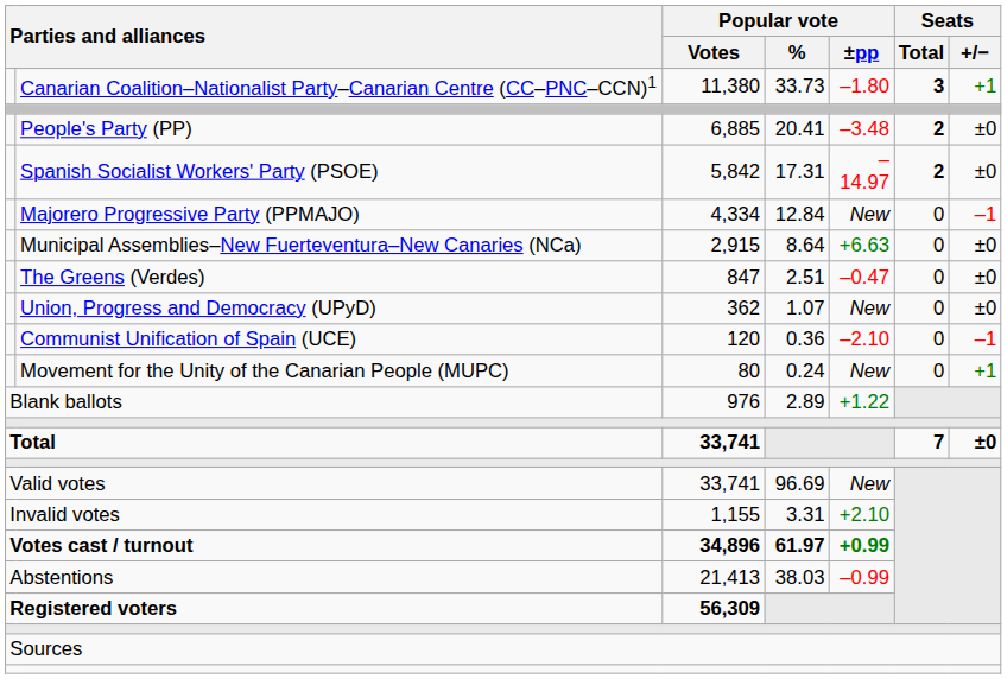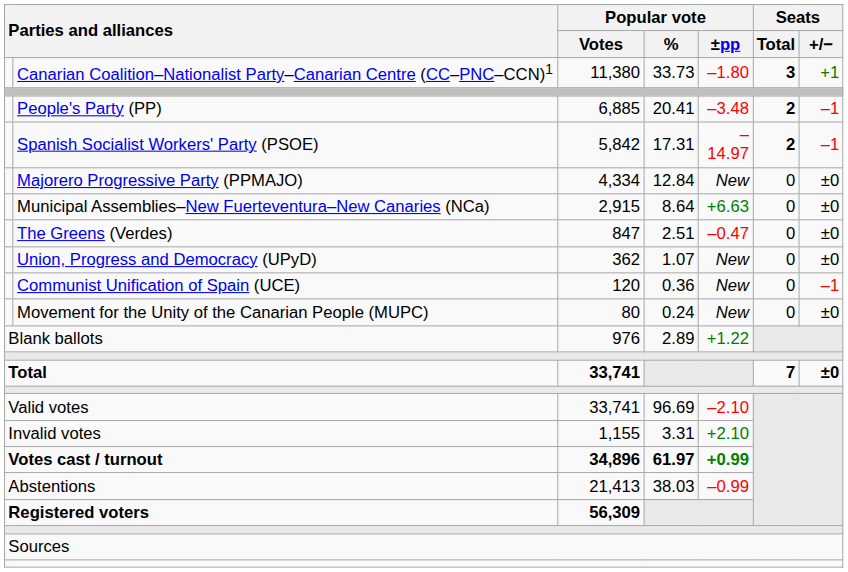 <table class="wikitable" style="text-align:right;">
 <tr>
 <th style="text-align:left;" rowspan="2" colspan="2" width="525">Parties and alliances</th>
 <th colspan="3">Popular vote</th>
 <th colspan="2">Seats</th>
 </tr>
 <tr>
 <th width="75">Votes</th>
 <th width="45">%</th>
 <th width="45">±<a href='#'>pp</a></th>
 <th width="35">Total</th>
 <th width="35">+/−</th>
 </tr>
 <tr>
 <td width="1" style="color:inherit;background:"></td>
 <td align="left"><a href='#'>Canarian Coalition–Nationalist Party</a>–<a href='#'>Canarian Centre</a> (<a href='#'>CC</a>–<a href='#'>PNC</a>–CCN)<sup>1</sup></td>
 <td>11,380</td>
 <td>33.73</td>
 <td style="color:red;">–1.80</td>
 <td><strong>3</strong></td>
 <td style="color:green;">+1</td>
 </tr>
 <tr>
 <td colspan="7" bgcolor="#C0C0C0"></td>
 </tr>
 <tr>
 <td style="color:inherit;background:"></td>
 <td align="left"><a href='#'>People's Party</a> (PP)</td>
 <td>6,885</td>
 <td>20.41</td>
 <td style="color:red;">–3.48</td>
 <td><strong>2</strong></td>
-<td>±0</td>
+<td style="color:red;">–1</td>
 </tr>
 <tr>
 <td style="color:inherit;background:"></td>
 <td align="left"><a href='#'>Spanish Socialist Workers' Party</a> (PSOE)</td>
 <td>5,842</td>
 <td>17.31</td>
 <td style="color:red;">–14.97</td>
 <td><strong>2</strong></td>
-<td>±0</td>
+<td style="color:red;">–1</td>
 </tr>
 <tr>
 <td style="color:inherit;background:"></td>
 <td align="left"><a href='#'>Majorero Progressive Party</a> (PPMAJO)</td>
 <td>4,334</td>
 <td>12.84</td>
 <td><em>New</em></td>
 <td>0</td>
-<td style="color:red;">–1</td>
+<td>±0</td>
 </tr>
 <tr>
 <td style="color:inherit;background:"></td>
 <td align="left">Municipal Assemblies–<a href='#'>New Fuerteventura–New Canaries</a> (NCa)</td>
 <td>2,915</td>
 <td>8.64</td>
 <td style="color:green;">+6.63</td>
 <td>0</td>
 <td>±0</td>
 </tr>
 <tr>
 <td style="color:inherit;background:"></td>
 <td align="left"><a href='#'>The Greens</a> (Verdes)</td>
 <td>847</td>
 <td>2.51</td>
 <td style="color:red;">–0.47</td>
 <td>0</td>
 <td>±0</td>
 </tr>
 <tr>
 <td style="color:inherit;background:"></td>
 <td align="left"><a href='#'>Union, Progress and Democracy</a> (UPyD)</td>
 <td>362</td>
 <td>1.07</td>
 <td><em>New</em></td>
 <td>0</td>
 <td>±0</td>
 </tr>
 <tr>
 <td style="color:inherit;background:"></td>
 <td align="left"><a href='#'>Communist Unification of Spain</a> (UCE)</td>
 <td>120</td>
 <td>0.36</td>
-<td style="color:red;">–2.10</td>
+<td><em>New</em></td>
 <td>0</td>
 <td style="color:red;">–1</td>
 </tr>
 <tr>
 <td style="color:inherit;background:"></td>
 <td align="left">Movement for the Unity of the Canarian People (MUPC)</td>
 <td>80</td>
 <td>0.24</td>
 <td><em>New</em></td>
 <td>0</td>
-<td style="color:green;">+1</td>
+<td>±0</td>
 </tr>
 <tr>
 <td align="left" colspan="2">Blank ballots</td>
 <td>976</td>
 <td>2.89</td>
 <td style="color:green;">+1.22</td>
 <td bgcolor="#E9E9E9" colspan="2"></td>
 </tr>
 <tr>
 <td colspan="7" bgcolor="#E9E9E9"></td>
 </tr>
 <tr style="font-weight:bold;">
 <td align="left" colspan="2">Total</td>
 <td>33,741</td>
 <td bgcolor="#E9E9E9" colspan="2"></td>
 <td>7</td>
 <td>±0</td>
 </tr>
 <tr>
 <td colspan="7" bgcolor="#E9E9E9"></td>
 </tr>
 <tr>
 <td align="left" colspan="2">Valid votes</td>
 <td>33,741</td>
 <td>96.69</td>
-<td><em>New</em></td>
+<td style="color:red;">–2.10</td>
 <td bgcolor="#E9E9E9" colspan="2" rowspan="5"></td>
 </tr>
 <tr>
 <td align="left" colspan="2">Invalid votes</td>
 <td>1,155</td>
 <td>3.31</td>
 <td style="color:green;">+2.10</td>
 </tr>
 <tr style="font-weight:bold;">
 <td align="left" colspan="2">Votes cast / turnout</td>
 <td>34,896</td>
 <td>61.97</td>
 <td style="color:green;">+0.99</td>
 </tr>
 <tr>
 <td align="left" colspan="2">Abstentions</td>
 <td>21,413</td>
 <td>38.03</td>
 <td style="color:red;">–0.99</td>
 </tr>
 <tr style="font-weight:bold;">
 <td align="left" colspan="2">Registered voters</td>
 <td>56,309</td>
 <td bgcolor="#E9E9E9" colspan="2"></td>
 </tr>
 <tr>
 <td colspan="7" bgcolor="#E9E9E9"></td>
 </tr>
 <tr>
 <td align="left" colspan="7">Sources</td>
 </tr>
 <tr>
 <td colspan="7" style="text-align:left; max-width:790px;"></td>
 </tr>
 </table>
